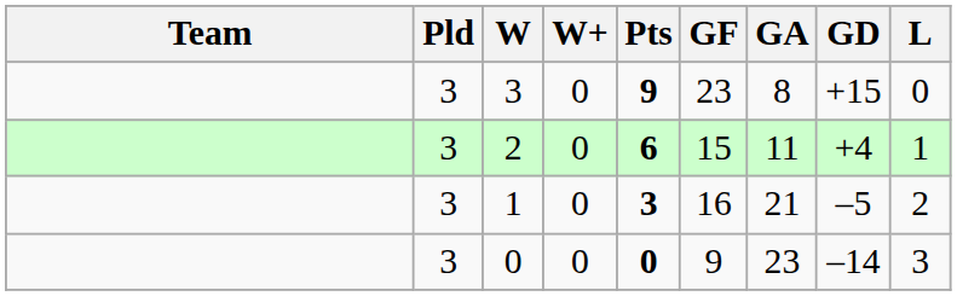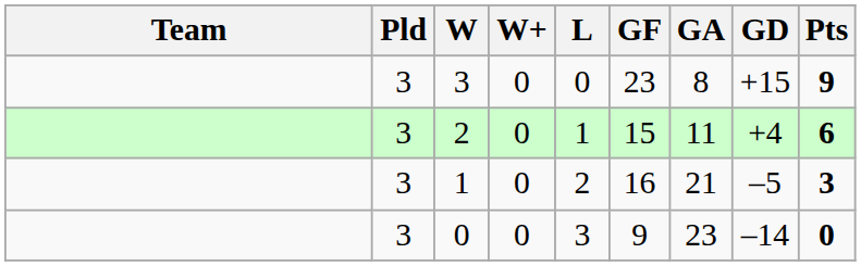 <table class="wikitable" style="text-align: center;">
 <tr>
 <th style="width:175px;">Team</th>
 <th width="20">Pld</th>
 <th width="20">W</th>
 <th width="20">W+</th>
-<th width="20">Pts</th>
+<th width="20">L</th>
 <th width="20">GF</th>
 <th width="20">GA</th>
 <th width="20">GD</th>
-<th width="20">L</th>
+<th width="20">Pts</th>
 </tr>
 <tr style="text-align:center;">
 <td style="text-align:left;"></td>
 <td>3</td>
 <td>3</td>
 <td>0</td>
-<td><strong>9</strong></td>
+<td>0</td>
 <td>23</td>
 <td>8</td>
 <td>+15</td>
-<td>0</td>
+<td><strong>9</strong></td>
 </tr>
 <tr style="text-align:center; background:#cfc;">
 <td style="text-align:left;"></td>
 <td>3</td>
 <td>2</td>
 <td>0</td>
-<td><strong>6</strong></td>
+<td>1</td>
 <td>15</td>
 <td>11</td>
 <td>+4</td>
-<td>1</td>
+<td><strong>6</strong></td>
 </tr>
 <tr style="text-align:center;">
 <td style="text-align:left;"></td>
 <td>3</td>
 <td>1</td>
 <td>0</td>
-<td><strong>3</strong></td>
+<td>2</td>
 <td>16</td>
 <td>21</td>
 <td>–5</td>
-<td>2</td>
+<td><strong>3</strong></td>
 </tr>
 <tr style="text-align:center;">
 <td style="text-align:left;"></td>
 <td>3</td>
 <td>0</td>
 <td>0</td>
-<td><strong>0</strong></td>
+<td>3</td>
 <td>9</td>
 <td>23</td>
 <td>–14</td>
-<td>3</td>
+<td><strong>0</strong></td>
 </tr>
 </table>
